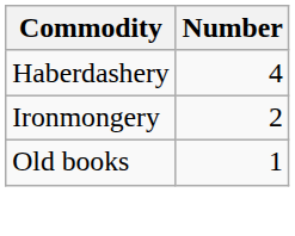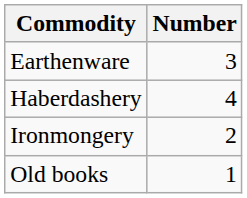 <table class="wikitable mw-collapsible">
 <tr>
 <th>Commodity</th>
 <th>Number</th>
+</tr>
+<tr>
+<td>Earthenware</td>
+<td style="text-align:right;">3</td>
 </tr>
 <tr>
 <td>Haberdashery</td>
 <td style="text-align:right;">4</td>
 </tr>
 <tr>
 <td>Ironmongery</td>
 <td style="text-align:right;">2</td>
 </tr>
 <tr>
 <td>Old books</td>
 <td style="text-align:right;">1</td>
 </tr>
 </table>
